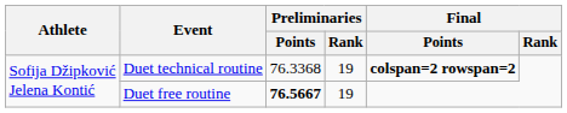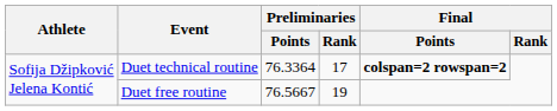 <table class=wikitable style="font-size:90%">
 <tr>
 <th rowspan="2">Athlete</th>
 <th rowspan="2">Event</th>
 <th colspan="2">Preliminaries</th>
 <th colspan="2">Final</th>
 </tr>
 <tr style="font-size:95%">
 <th>Points</th>
 <th>Rank</th>
 <th>Points</th>
 <th>Rank</th>
 </tr>
 <tr align=center>
 <td align=left rowspan=2><a href='#'>Sofija Džipković</a><br><a href='#'>Jelena Kontić</a></td>
 <td align=left><a href='#'>Duet technical routine</a></td>
-<td>76.3368</td>
-<td>19</td>
+<td>76.3364</td>
+<td>17</td>
 <td><strong>colspan=2 rowspan=2 </strong></td>
 </tr>
 <tr align=center>
 <td align=left><a href='#'>Duet free routine</a></td>
-<td><strong>76.5667</strong></td>
+<td>76.5667</td>
 <td>19</td>
 </tr>
 </table>
